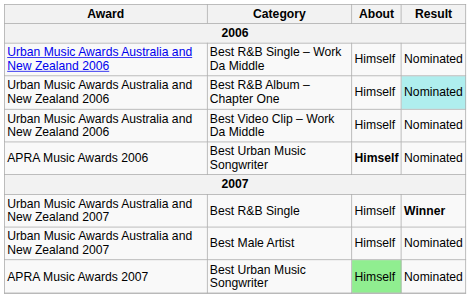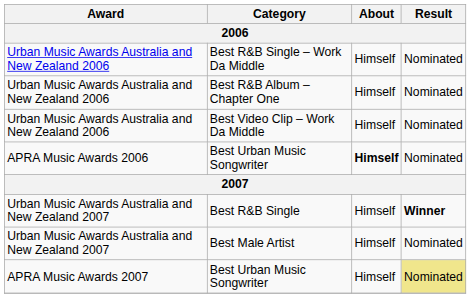 <table class="wikitable">
 <tr>
 <th>Award</th>
 <th>Category</th>
 <th>About</th>
 <th>Result</th>
 </tr>
 <tr>
 <th colspan=5>2006</th>
 </tr>
 <tr>
 <td><a href='#'>Urban Music Awards Australia and New Zealand 2006</a></td>
 <td>Best R&B Single – Work Da Middle</td>
 <td>Himself</td>
 <td>Nominated</td>
 </tr>
 <tr>
 <td>Urban Music Awards Australia and New Zealand 2006</td>
 <td>Best R&B Album – Chapter One</td>
 <td>Himself</td>
-<td style="background: paleturquoise;">Nominated</td>
+<td>Nominated</td>
 </tr>
 <tr>
 <td>Urban Music Awards Australia and New Zealand 2006</td>
 <td>Best Video Clip – Work Da Middle</td>
 <td>Himself</td>
 <td>Nominated</td>
 </tr>
 <tr>
 <td>APRA Music Awards 2006</td>
 <td>Best Urban Music Songwriter</td>
 <td><strong>Himself</strong></td>
 <td>Nominated</td>
 </tr>
 <tr>
 <th colspan=5>2007</th>
 </tr>
 <tr>
 <td>Urban Music Awards Australia and New Zealand 2007</td>
 <td>Best R&B Single</td>
 <td>Himself</td>
 <td><strong>Winner</strong></td>
 </tr>
 <tr>
 <td>Urban Music Awards Australia and New Zealand 2007</td>
 <td>Best Male Artist</td>
 <td>Himself</td>
 <td>Nominated</td>
 </tr>
 <tr>
 <td>APRA Music Awards 2007</td>
 <td>Best Urban Music Songwriter</td>
-<td style="background: lightgreen;">Himself</td>
-<td>Nominated</td>
+<td>Himself</td>
+<td style="background: khaki;">Nominated</td>
 </tr>
 <tr>
 </tr>
 </table>
